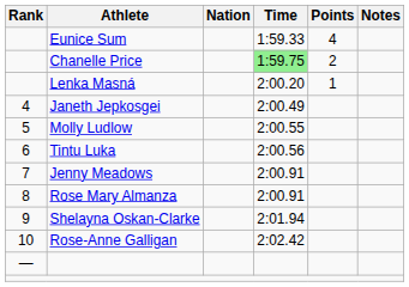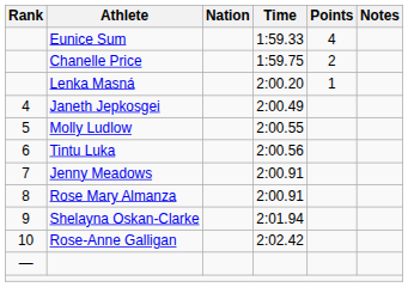 <table class="wikitable mw-datatable sortable" style="text-align:center;">
 <tr>
 <th>Rank</th>
 <th>Athlete</th>
 <th>Nation</th>
 <th>Time</th>
 <th>Points</th>
 <th>Notes</th>
 </tr>
 <tr>
 <td></td>
 <td align=left><a href='#'>Eunice Sum</a></td>
 <td align=left></td>
 <td>1:59.33</td>
 <td>4</td>
 <td></td>
 </tr>
 <tr>
 <td></td>
 <td align=left><a href='#'>Chanelle Price</a></td>
 <td align=left></td>
-<td style="background: lightgreen;">1:59.75</td>
+<td>1:59.75</td>
 <td>2</td>
 <td></td>
 </tr>
 <tr>
 <td></td>
 <td align=left><a href='#'>Lenka Masná</a></td>
 <td align=left></td>
 <td>2:00.20</td>
 <td>1</td>
 <td></td>
 </tr>
 <tr>
 <td>4</td>
 <td align=left><a href='#'>Janeth Jepkosgei</a></td>
 <td align=left></td>
 <td>2:00.49</td>
 <td></td>
 <td></td>
 </tr>
 <tr>
 <td>5</td>
 <td align=left><a href='#'>Molly Ludlow</a></td>
 <td align=left></td>
 <td>2:00.55</td>
 <td></td>
 <td></td>
 </tr>
 <tr>
 <td>6</td>
 <td align=left><a href='#'>Tintu Luka</a></td>
 <td align=left></td>
 <td>2:00.56</td>
 <td></td>
 <td></td>
 </tr>
 <tr>
 <td>7</td>
 <td align=left><a href='#'>Jenny Meadows</a></td>
 <td align=left></td>
 <td>2:00.91</td>
 <td></td>
 <td></td>
 </tr>
 <tr>
 <td>8</td>
 <td align=left><a href='#'>Rose Mary Almanza</a></td>
 <td align=left></td>
 <td>2:00.91</td>
 <td></td>
 <td></td>
 </tr>
 <tr>
 <td>9</td>
 <td align=left><a href='#'>Shelayna Oskan-Clarke</a></td>
 <td align=left></td>
 <td>2:01.94</td>
 <td></td>
 <td></td>
 </tr>
 <tr>
 <td>10</td>
 <td align=left><a href='#'>Rose-Anne Galligan</a></td>
 <td align=left></td>
 <td>2:02.42</td>
 <td></td>
 <td></td>
 </tr>
 <tr>
 <td>—</td>
 <td align=left></td>
 <td align=left></td>
 <td></td>
 <td></td>
 <td></td>
 </tr>
 <tr class="sortbottom">
 <td colspan=6></td>
 </tr>
 </table>
